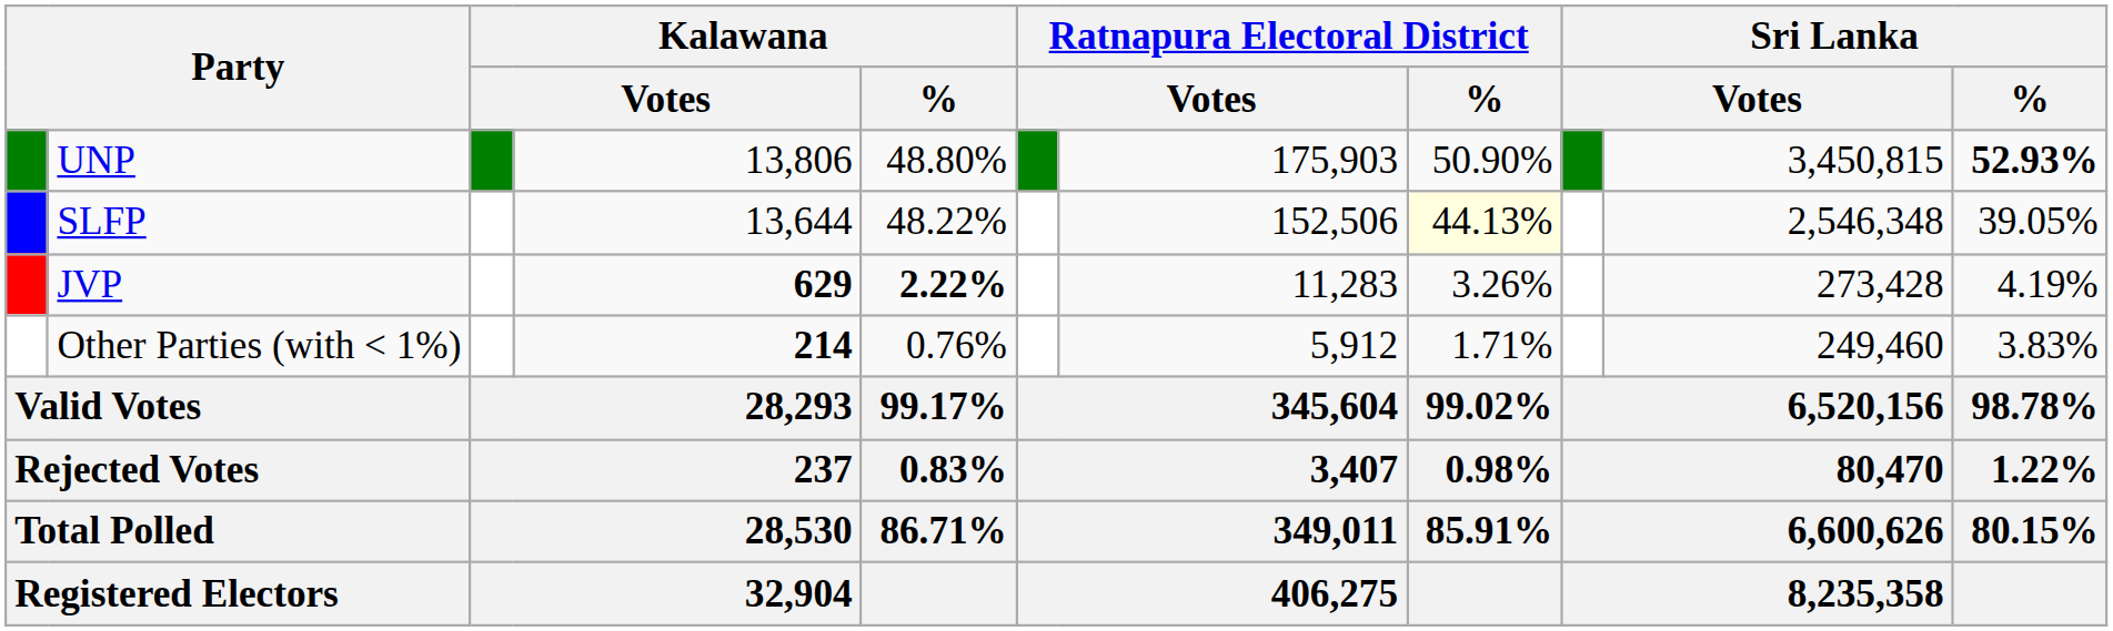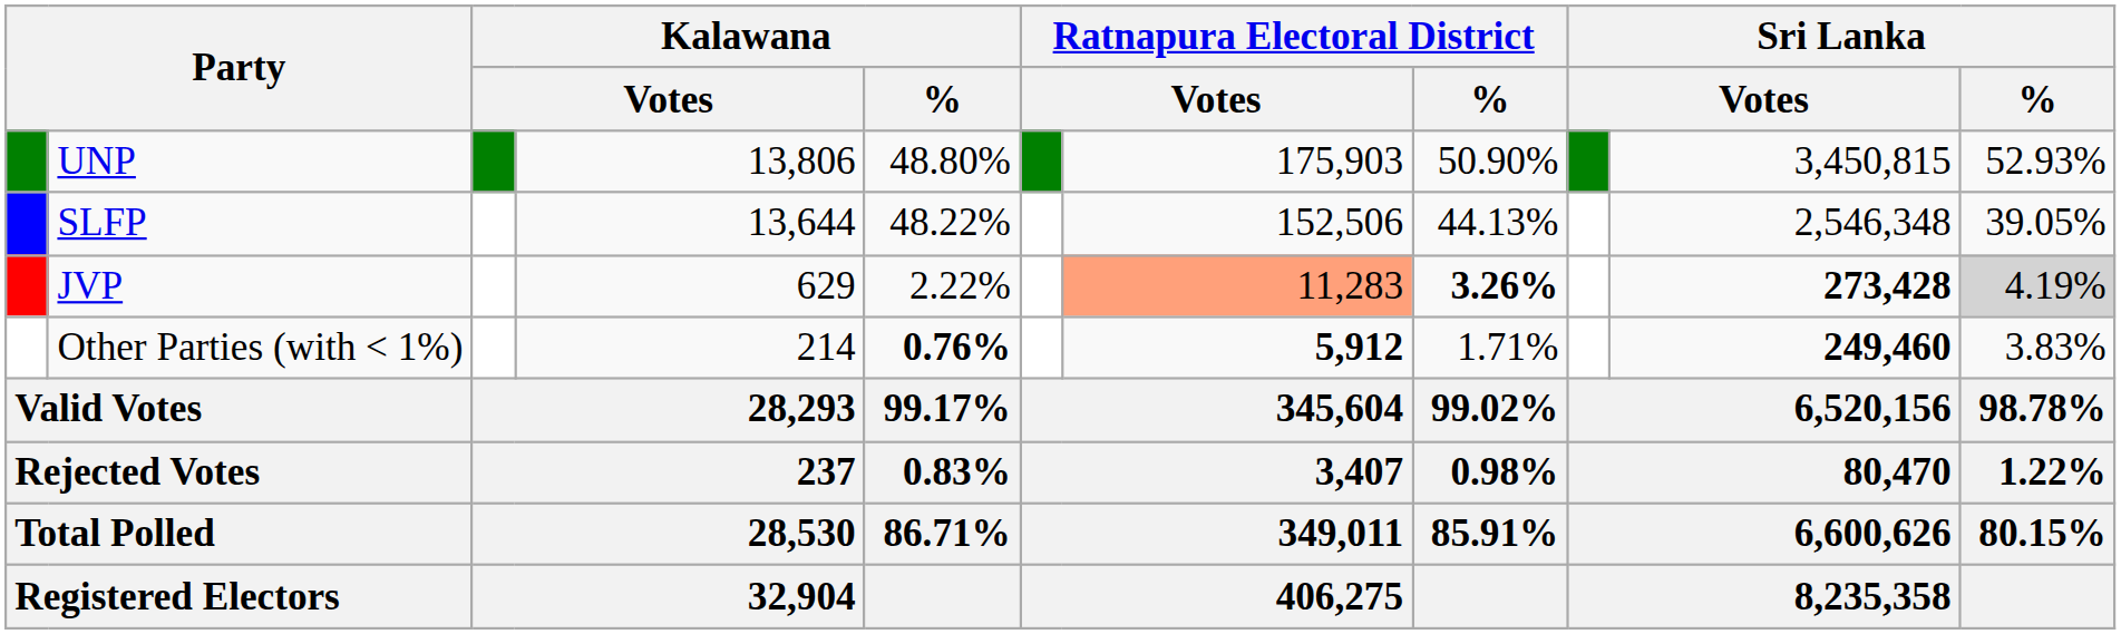 <table class="wikitable">
 <tr>
 <th colspan="2" width="144px"rowspan="2">Party</th>
 <th colspan="3" width="216px">Kalawana</th>
 <th colspan="3" width="216px"><a href='#'>Ratnapura Electoral District</a></th>
 <th colspan="3" width="216px">Sri Lanka</th>
 </tr>
 <tr>
 <th colspan="2" width="144px">Votes</th>
 <th>%</th>
 <th colspan="2" width="144px">Votes</th>
 <th>%</th>
 <th colspan="2" width="144px">Votes</th>
 <th>%</th>
 </tr>
 <tr>
 <td style="background-color:green;" width="10px"></td>
 <td style="text-align:left;"><a href='#'>UNP</a></td>
 <td style="background-color:green;" width="10px"></td>
 <td style="text-align:right;">13,806</td>
 <td style="text-align:right;">48.80%</td>
 <td style="background-color:green;" width="10px"></td>
 <td style="text-align:right;">175,903</td>
 <td style="text-align:right;">50.90%</td>
 <td style="background-color:green;" width="10px"></td>
 <td style="text-align:right;">3,450,815</td>
-<td style="text-align:right;"><strong>52.93%</strong></td>
+<td style="text-align:right;">52.93%</td>
 </tr>
 <tr>
 <td style="background-color:blue;" width="10px"></td>
 <td style="text-align:left;"><a href='#'>SLFP</a></td>
 <td style="background-color:white;" width="10px"></td>
 <td style="text-align:right;">13,644</td>
 <td style="text-align:right;">48.22%</td>
 <td style="background-color:white;" width="10px"></td>
 <td style="text-align:right;">152,506</td>
-<td style="background: lightyellow; text-align:right;">44.13%</td>
+<td style="text-align:right;">44.13%</td>
 <td style="background-color:white;" width="10px"></td>
 <td style="text-align:right;">2,546,348</td>
 <td style="text-align:right;">39.05%</td>
 </tr>
 <tr>
 <td style="background-color:red;" width="10px"></td>
 <td style="text-align:left;"><a href='#'>JVP</a></td>
 <td style="background-color:white;" width="10px"></td>
-<td style="text-align:right;"><strong>629</strong></td>
-<td style="text-align:right;"><strong>2.22%</strong></td>
+<td style="text-align:right;">629</td>
+<td style="text-align:right;">2.22%</td>
 <td style="background-color:white;" width="10px"></td>
-<td style="text-align:right;">11,283</td>
-<td style="text-align:right;">3.26%</td>
+<td style="background: lightsalmon; text-align:right;">11,283</td>
+<td style="text-align:right;"><strong>3.26%</strong></td>
 <td style="background-color:white;" width="10px"></td>
-<td style="text-align:right;">273,428</td>
-<td style="text-align:right;">4.19%</td>
+<td style="text-align:right;"><strong>273,428</strong></td>
+<td style="background: lightgrey; text-align:right;">4.19%</td>
 </tr>
 <tr>
 <td style="background-color:white;" width="10px"></td>
 <td style="text-align:left;">Other Parties (with < 1%)</td>
 <td style="background-color:white;" width="10px"></td>
-<td style="text-align:right;"><strong>214</strong></td>
-<td style="text-align:right;">0.76%</td>
+<td style="text-align:right;">214</td>
+<td style="text-align:right;"><strong>0.76%</strong></td>
 <td style="background-color:white;" width="10px"></td>
-<td style="text-align:right;">5,912</td>
+<td style="text-align:right;"><strong>5,912</strong></td>
 <td style="text-align:right;">1.71%</td>
 <td style="background-color:white;" width="10px"></td>
-<td style="text-align:right;">249,460</td>
+<td style="text-align:right;"><strong>249,460</strong></td>
 <td style="text-align:right;">3.83%</td>
 </tr>
 <tr>
 <th colspan="2" width="144px"style="text-align:left;">Valid Votes</th>
 <th style="text-align:right;"colspan="2" width="144px">28,293</th>
 <th style="text-align:right;">99.17%</th>
 <th style="text-align:right;"colspan="2" width="144px">345,604</th>
 <th style="text-align:right;">99.02%</th>
 <th style="text-align:right;"colspan="2" width="144px">6,520,156</th>
 <th style="text-align:right;">98.78%</th>
 </tr>
 <tr>
 <th colspan="2" width="144px"style="text-align:left;">Rejected Votes</th>
 <th style="text-align:right;"colspan="2" width="144px">237</th>
 <th style="text-align:right;">0.83%</th>
 <th style="text-align:right;"colspan="2" width="144px">3,407</th>
 <th style="text-align:right;">0.98%</th>
 <th style="text-align:right;"colspan="2" width="144px">80,470</th>
 <th style="text-align:right;">1.22%</th>
 </tr>
 <tr>
 <th colspan="2" width="144px"style="text-align:left;">Total Polled</th>
 <th style="text-align:right;"colspan="2" width="144px">28,530</th>
 <th style="text-align:right;">86.71%</th>
 <th style="text-align:right;"colspan="2" width="144px">349,011</th>
 <th style="text-align:right;">85.91%</th>
 <th style="text-align:right;"colspan="2" width="144px">6,600,626</th>
 <th style="text-align:right;">80.15%</th>
 </tr>
 <tr>
 <th colspan="2" width="144px"style="text-align:left;">Registered Electors</th>
 <th style="text-align:right;"colspan="2" width="144px">32,904</th>
 <th></th>
 <th style="text-align:right;"colspan="2" width="144px">406,275</th>
 <th></th>
 <th style="text-align:right;"colspan="2" width="144px">8,235,358</th>
 <th></th>
 </tr>
 </table>
